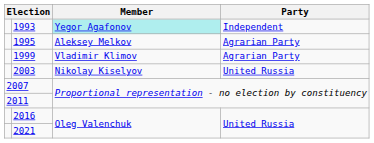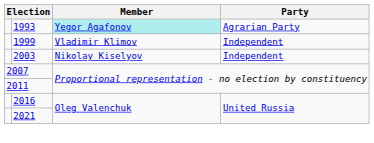 <table class="wikitable">
 <tr>
 <th colspan="2">Election</th>
 <th>Member</th>
 <th>Party</th>
 </tr>
 <tr>
 <td style="background-color:"></td>
 <td><a href='#'>1993</a></td>
 <td style="background: paleturquoise;"><a href='#'>Yegor Agafonov</a></td>
-<td><a href='#'>Independent</a></td>
-</tr>
-<tr>
-<td style="background-color:"></td>
-<td><a href='#'>1995</a></td>
-<td><a href='#'>Aleksey Melkov</a></td>
 <td><a href='#'>Agrarian Party</a></td>
 </tr>
 <tr>
 <td style="background-color:"></td>
 <td><a href='#'>1999</a></td>
 <td><a href='#'>Vladimir Klimov</a></td>
-<td><a href='#'>Agrarian Party</a></td>
+<td><a href='#'>Independent</a></td>
 </tr>
 <tr>
 <td style="background-color:"></td>
 <td><a href='#'>2003</a></td>
 <td><a href='#'>Nikolay Kiselyov</a></td>
-<td><a href='#'>United Russia</a></td>
+<td><a href='#'>Independent</a></td>
 </tr>
 <tr>
 <td colspan=2><a href='#'>2007</a></td>
 <td colspan=2 rowspan=2><em><a href='#'>Proportional representation</a> - no election by constituency</em></td>
 </tr>
 <tr>
 <td colspan=2><a href='#'>2011</a></td>
 </tr>
 <tr>
 <td style="background-color: "></td>
 <td><a href='#'>2016</a></td>
 <td rowspan=2><a href='#'>Oleg Valenchuk</a></td>
 <td rowspan=2><a href='#'>United Russia</a></td>
 </tr>
 <tr>
 <td style="background-color: "></td>
 <td><a href='#'>2021</a></td>
 </tr>
 </table>
